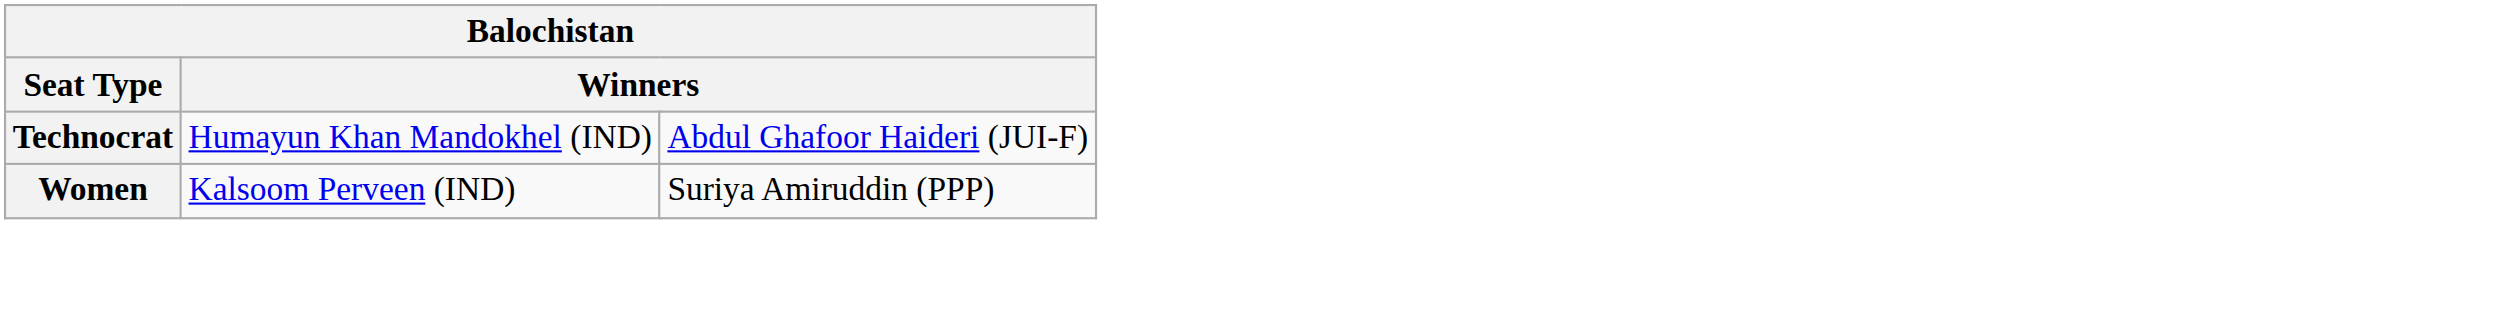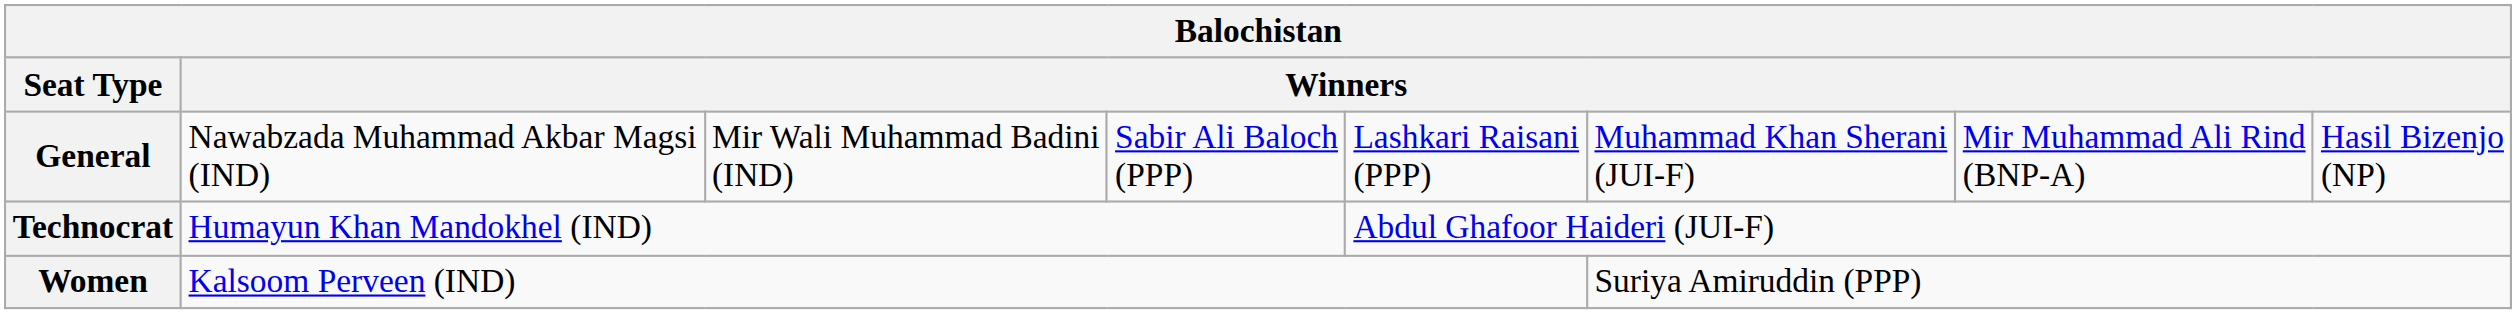 <table class="wikitable">
 <tr>
 <th colspan="8">Balochistan</th>
 </tr>
 <tr>
 <th>Seat Type</th>
 <th colspan="7">Winners</th>
+</tr>
+<tr>
+<th>General</th>
+<td style="background:">Nawabzada Muhammad Akbar Magsi<br>(IND)</td>
+<td style="background:">Mir Wali Muhammad Badini<br>(IND)</td>
+<td style="background:"><a href='#'>Sabir Ali Baloch</a><br>(PPP)</td>
+<td style="background:"><a href='#'>Lashkari Raisani</a><br>(PPP)</td>
+<td style="background:"><a href='#'>Muhammad Khan Sherani</a><br>(JUI-F)</td>
+<td style="background:"><a href='#'>Mir Muhammad Ali Rind</a><br>(BNP-A)</td>
+<td style="background:"><a href='#'>Hasil Bizenjo</a><br>(NP)</td>
 </tr>
 <tr>
 <th>Technocrat</th>
 <td colspan="3" style="background:"><a href='#'>Humayun Khan Mandokhel</a> (IND)</td>
 <td colspan="4" style="background:"><a href='#'>Abdul Ghafoor Haideri</a> (JUI-F)</td>
 </tr>
 <tr>
 <th>Women</th>
 <td colspan="4" style="background:"><a href='#'>Kalsoom Perveen</a> (IND)</td>
 <td colspan="3" style="background:">Suriya Amiruddin (PPP)</td>
 </tr>
 </table>
